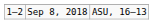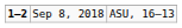 <table class="wikitable">
 <tr align="center">
 </tr>
 <tr align="center">
-<td>1–2</td>
+<td><strong>1–2</strong></td>
 <td>Sep 8, 2018</td>
 <td>ASU, 16–13</td>
 </tr>
 </table>
